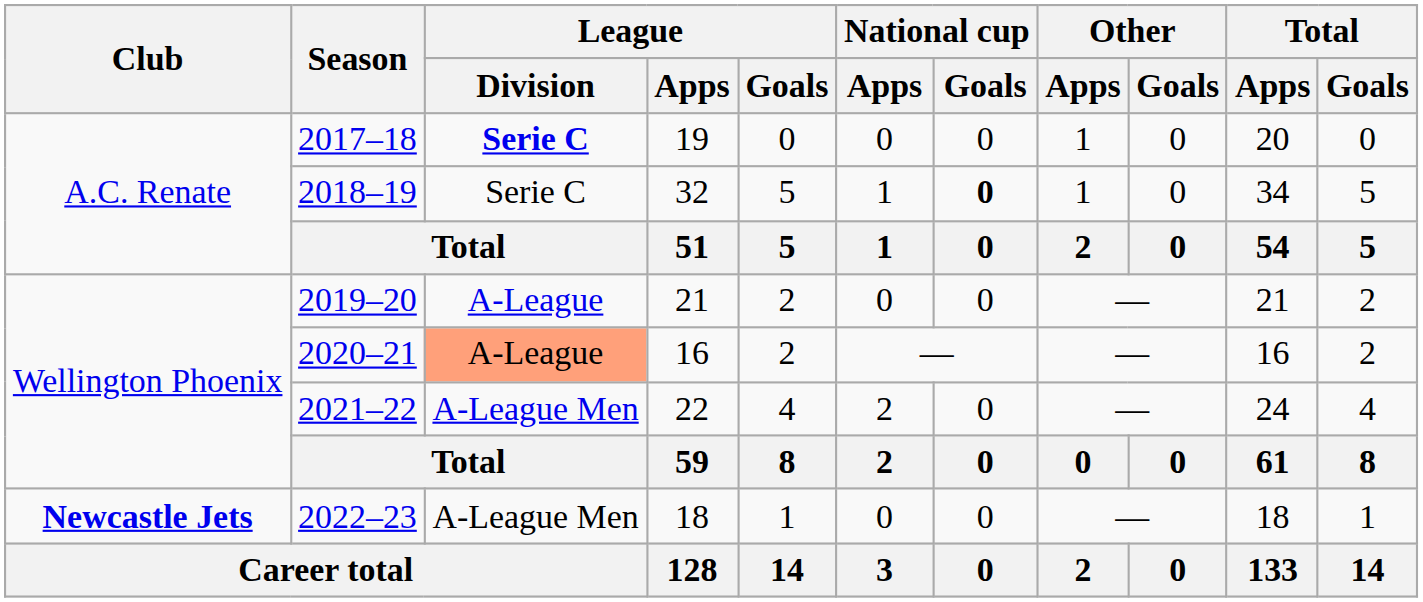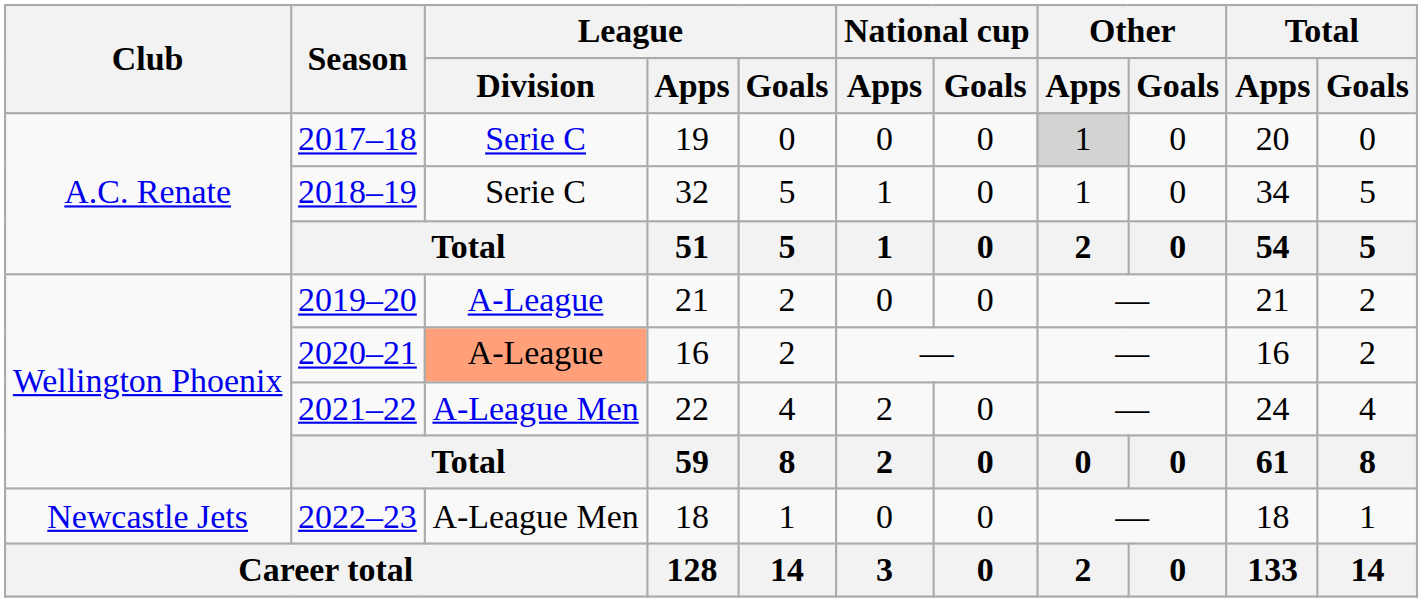 <table class="wikitable" style="text-align:center">
 <tr>
 <th rowspan="2">Club</th>
 <th rowspan="2">Season</th>
 <th colspan="3">League</th>
 <th colspan="2">National cup</th>
 <th colspan="2">Other</th>
 <th colspan="2">Total</th>
 </tr>
 <tr>
 <th>Division</th>
 <th>Apps</th>
 <th>Goals</th>
 <th>Apps</th>
 <th>Goals</th>
 <th>Apps</th>
 <th>Goals</th>
 <th>Apps</th>
 <th>Goals</th>
 </tr>
 <tr>
 <td rowspan="3"><a href='#'>A.C. Renate</a></td>
 <td><a href='#'>2017–18</a></td>
-<td><strong><a href='#'>Serie C</a></strong></td>
+<td><a href='#'>Serie C</a></td>
 <td>19</td>
 <td>0</td>
 <td>0</td>
 <td>0</td>
-<td>1</td>
+<td style="background: lightgrey;">1</td>
 <td>0</td>
 <td>20</td>
 <td>0</td>
 </tr>
 <tr>
 <td><a href='#'>2018–19</a></td>
 <td>Serie C</td>
 <td>32</td>
 <td>5</td>
 <td>1</td>
-<td><strong>0</strong></td>
+<td>0</td>
 <td>1</td>
 <td>0</td>
 <td>34</td>
 <td>5</td>
 </tr>
 <tr>
 <th colspan=2>Total</th>
 <th>51</th>
 <th>5</th>
 <th>1</th>
 <th>0</th>
 <th>2</th>
 <th>0</th>
 <th>54</th>
 <th>5</th>
 </tr>
 <tr>
 <td rowspan=4><a href='#'>Wellington Phoenix</a></td>
 <td><a href='#'>2019–20</a></td>
 <td><a href='#'>A-League</a></td>
 <td>21</td>
 <td>2</td>
 <td>0</td>
 <td>0</td>
 <td colspan=2>—</td>
 <td>21</td>
 <td>2</td>
 </tr>
 <tr>
 <td><a href='#'>2020–21</a></td>
 <td style="background: lightsalmon;">A-League</td>
 <td>16</td>
 <td>2</td>
 <td colspan=2>—</td>
 <td colspan=2>—</td>
 <td>16</td>
 <td>2</td>
 </tr>
 <tr>
 <td><a href='#'>2021–22</a></td>
 <td><a href='#'>A-League Men</a></td>
 <td>22</td>
 <td>4</td>
 <td>2</td>
 <td>0</td>
 <td colspan=2>—</td>
 <td>24</td>
 <td>4</td>
 </tr>
 <tr>
 <th colspan=2>Total</th>
 <th>59</th>
 <th>8</th>
 <th>2</th>
 <th>0</th>
 <th>0</th>
 <th>0</th>
 <th>61</th>
 <th>8</th>
 </tr>
 <tr>
-<td><strong><a href='#'>Newcastle Jets</a></strong></td>
+<td><a href='#'>Newcastle Jets</a></td>
 <td><a href='#'>2022–23</a></td>
 <td>A-League Men</td>
 <td>18</td>
 <td>1</td>
 <td>0</td>
 <td>0</td>
 <td colspan=2>—</td>
 <td>18</td>
 <td>1</td>
 </tr>
 <tr>
 <th colspan=3>Career total</th>
 <th>128</th>
 <th>14</th>
 <th>3</th>
 <th>0</th>
 <th>2</th>
 <th>0</th>
 <th>133</th>
 <th>14</th>
 </tr>
 </table>
